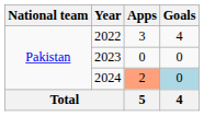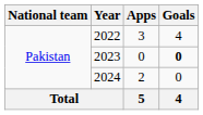 <table class="wikitable" style="text-align:center">
 <tr>
 <th>National team</th>
 <th>Year</th>
 <th>Apps</th>
 <th>Goals</th>
 </tr>
 <tr>
 <td rowspan="3"><a href='#'>Pakistan</a></td>
 <td>2022</td>
 <td>3</td>
 <td>4</td>
 </tr>
 <tr>
 <td>2023</td>
 <td>0</td>
-<td>0</td>
+<td><strong>0</strong></td>
 </tr>
 <tr>
 <td>2024</td>
-<td style="background: lightsalmon;">2</td>
-<td style="background: lightblue;">0</td>
+<td>2</td>
+<td>0</td>
 </tr>
 <tr>
 <th colspan="2">Total</th>
 <th>5</th>
 <th>4</th>
 </tr>
 </table>
